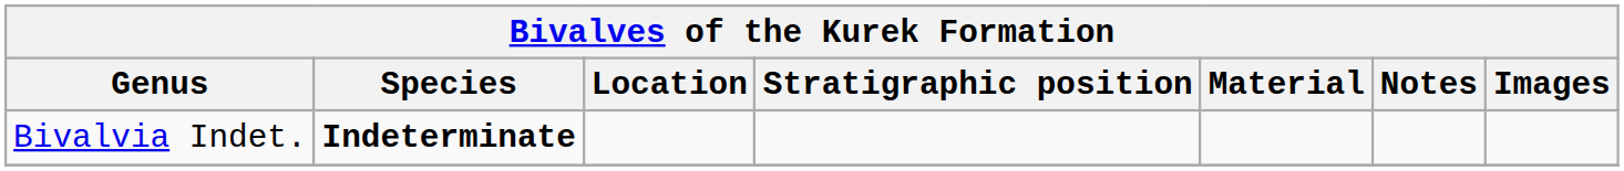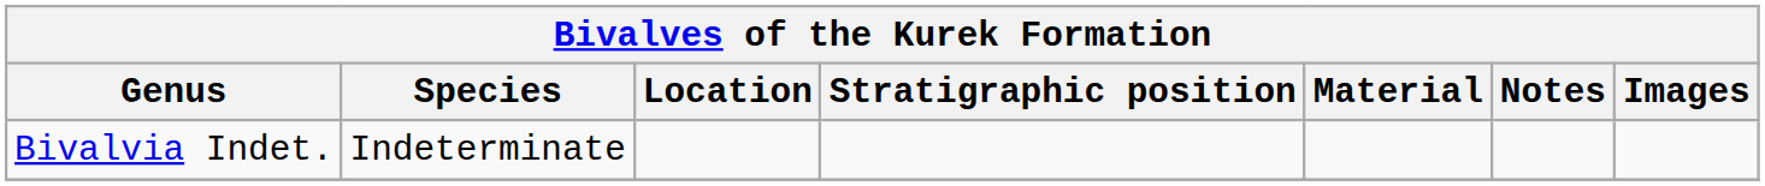 <table class="wikitable" align="center">
 <tr>
 <th colspan="7" align="center"><a href='#'>Bivalves</a> of the Kurek Formation</th>
 </tr>
 <tr>
 <th>Genus</th>
 <th>Species</th>
 <th>Location</th>
 <th>Stratigraphic position</th>
 <th>Material</th>
 <th>Notes</th>
 <th>Images</th>
 </tr>
 <tr>
 <td><a href='#'>Bivalvia</a> Indet.</td>
-<td><strong>Indeterminate</strong></td>
+<td>Indeterminate</td>
 <td></td>
 <td></td>
 <td></td>
 <td></td>
 <td></td>
 </tr>
 <tr>
 </tr>
 </table>
